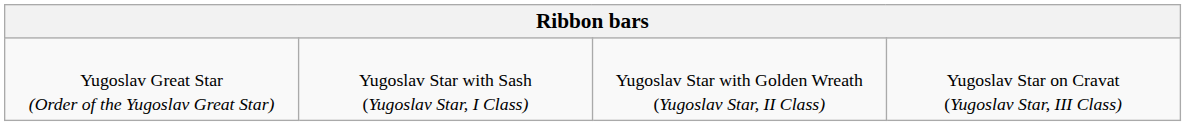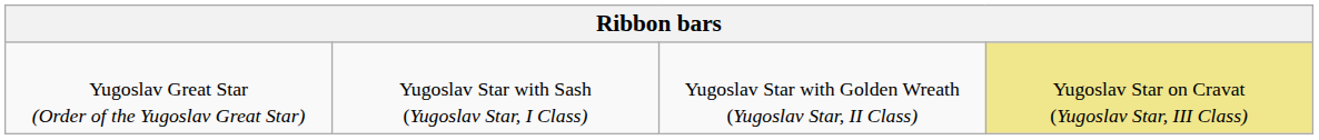 <table class="wikitable" align="center" width="70%">
 <tr>
 <th colspan="4">Ribbon bars</th>
 </tr>
 <tr>
 <td width="20%" valign="center" align="center"><br><small>Yugoslav Great Star</small><br><small><em>(Order of the Yugoslav Great Star)</em></small></td>
 <td width="20%" valign="center" align="center"><br><small>Yugoslav Star with Sash</small><br><small>(<em>Yugoslav Star, I Class)</em></small></td>
 <td width="20%" valign="center" align="center"><br><small>Yugoslav Star with Golden Wreath</small><br><small>(<em>Yugoslav Star, II Class)</em></small></td>
-<td width="20%" valign="center" align="center"><br><small>Yugoslav Star on Cravat</small><br><small>(<em>Yugoslav Star, III Class)</em></small></td>
+<td width="20%" valign="center" align="center" style="background: khaki;"><br><small>Yugoslav Star on Cravat</small><br><small>(<em>Yugoslav Star, III Class)</em></small></td>
 </tr>
 </table>
